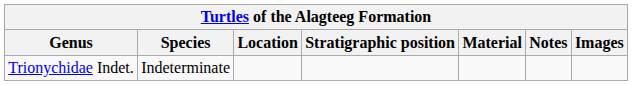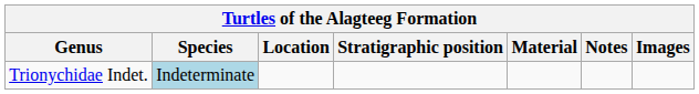 <table class="wikitable" align="center">
 <tr>
 <th colspan="7" align="center"><a href='#'>Turtles</a> of the Alagteeg Formation</th>
 </tr>
 <tr>
 <th>Genus</th>
 <th>Species</th>
 <th>Location</th>
 <th>Stratigraphic position</th>
 <th>Material</th>
 <th>Notes</th>
 <th>Images</th>
 </tr>
 <tr>
 <td><a href='#'>Trionychidae</a> Indet.</td>
-<td>Indeterminate</td>
+<td style="background: lightblue;">Indeterminate</td>
 <td></td>
 <td></td>
 <td></td>
 <td></td>
 <td></td>
 </tr>
 <tr>
 </tr>
 </table>
